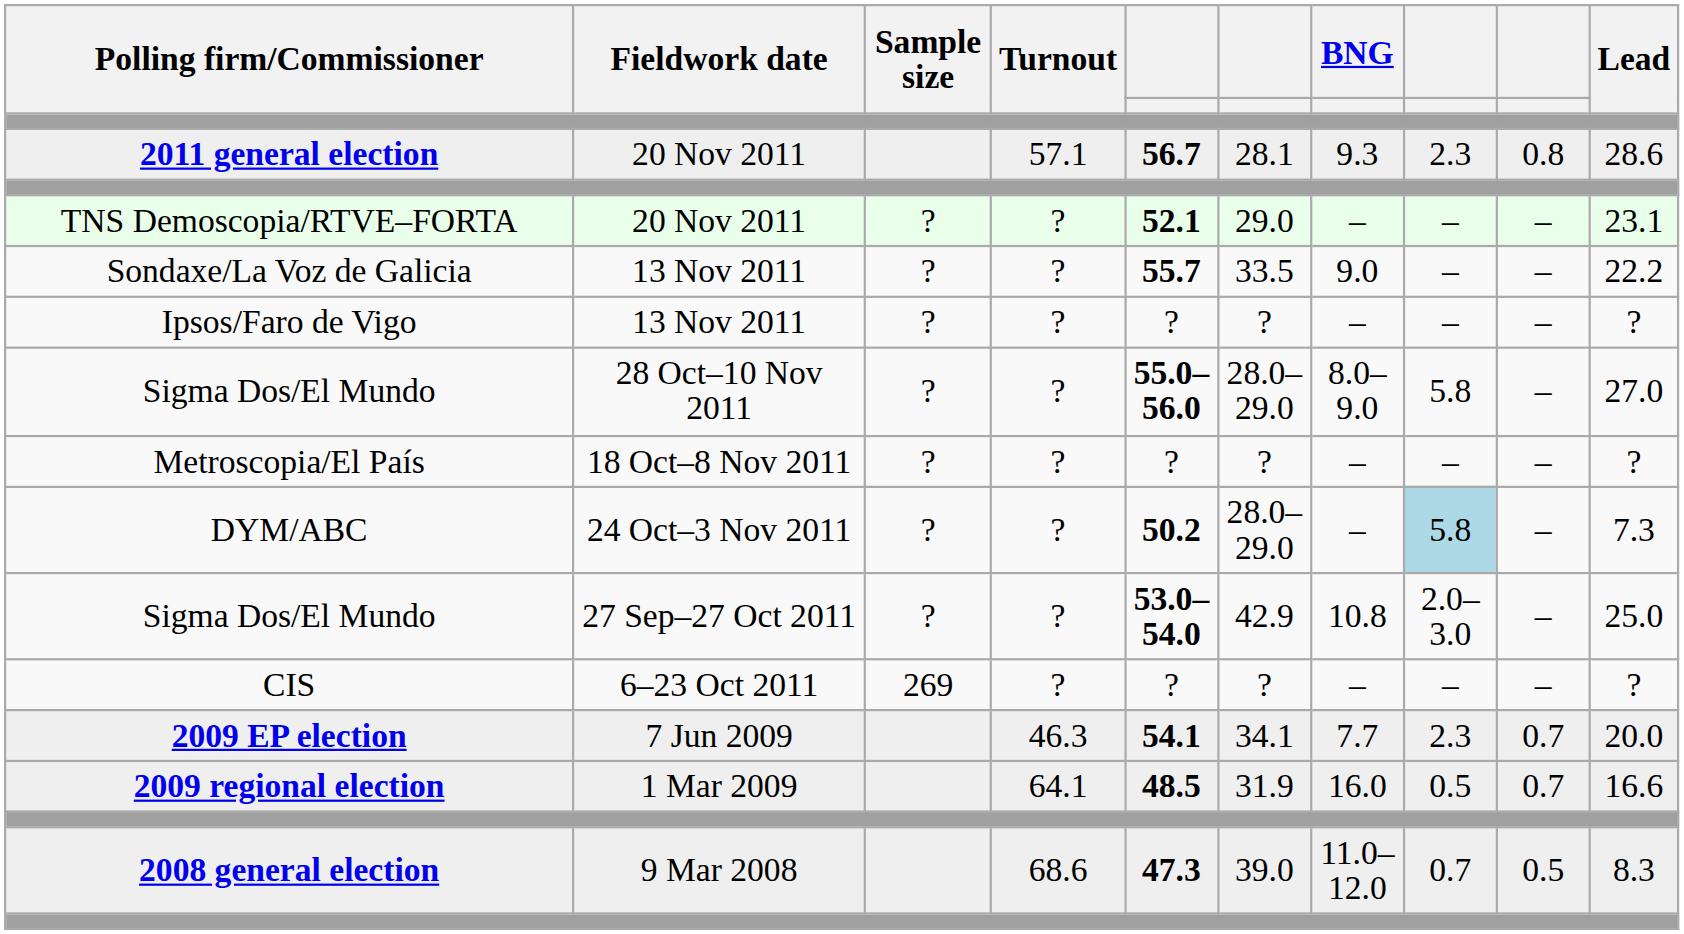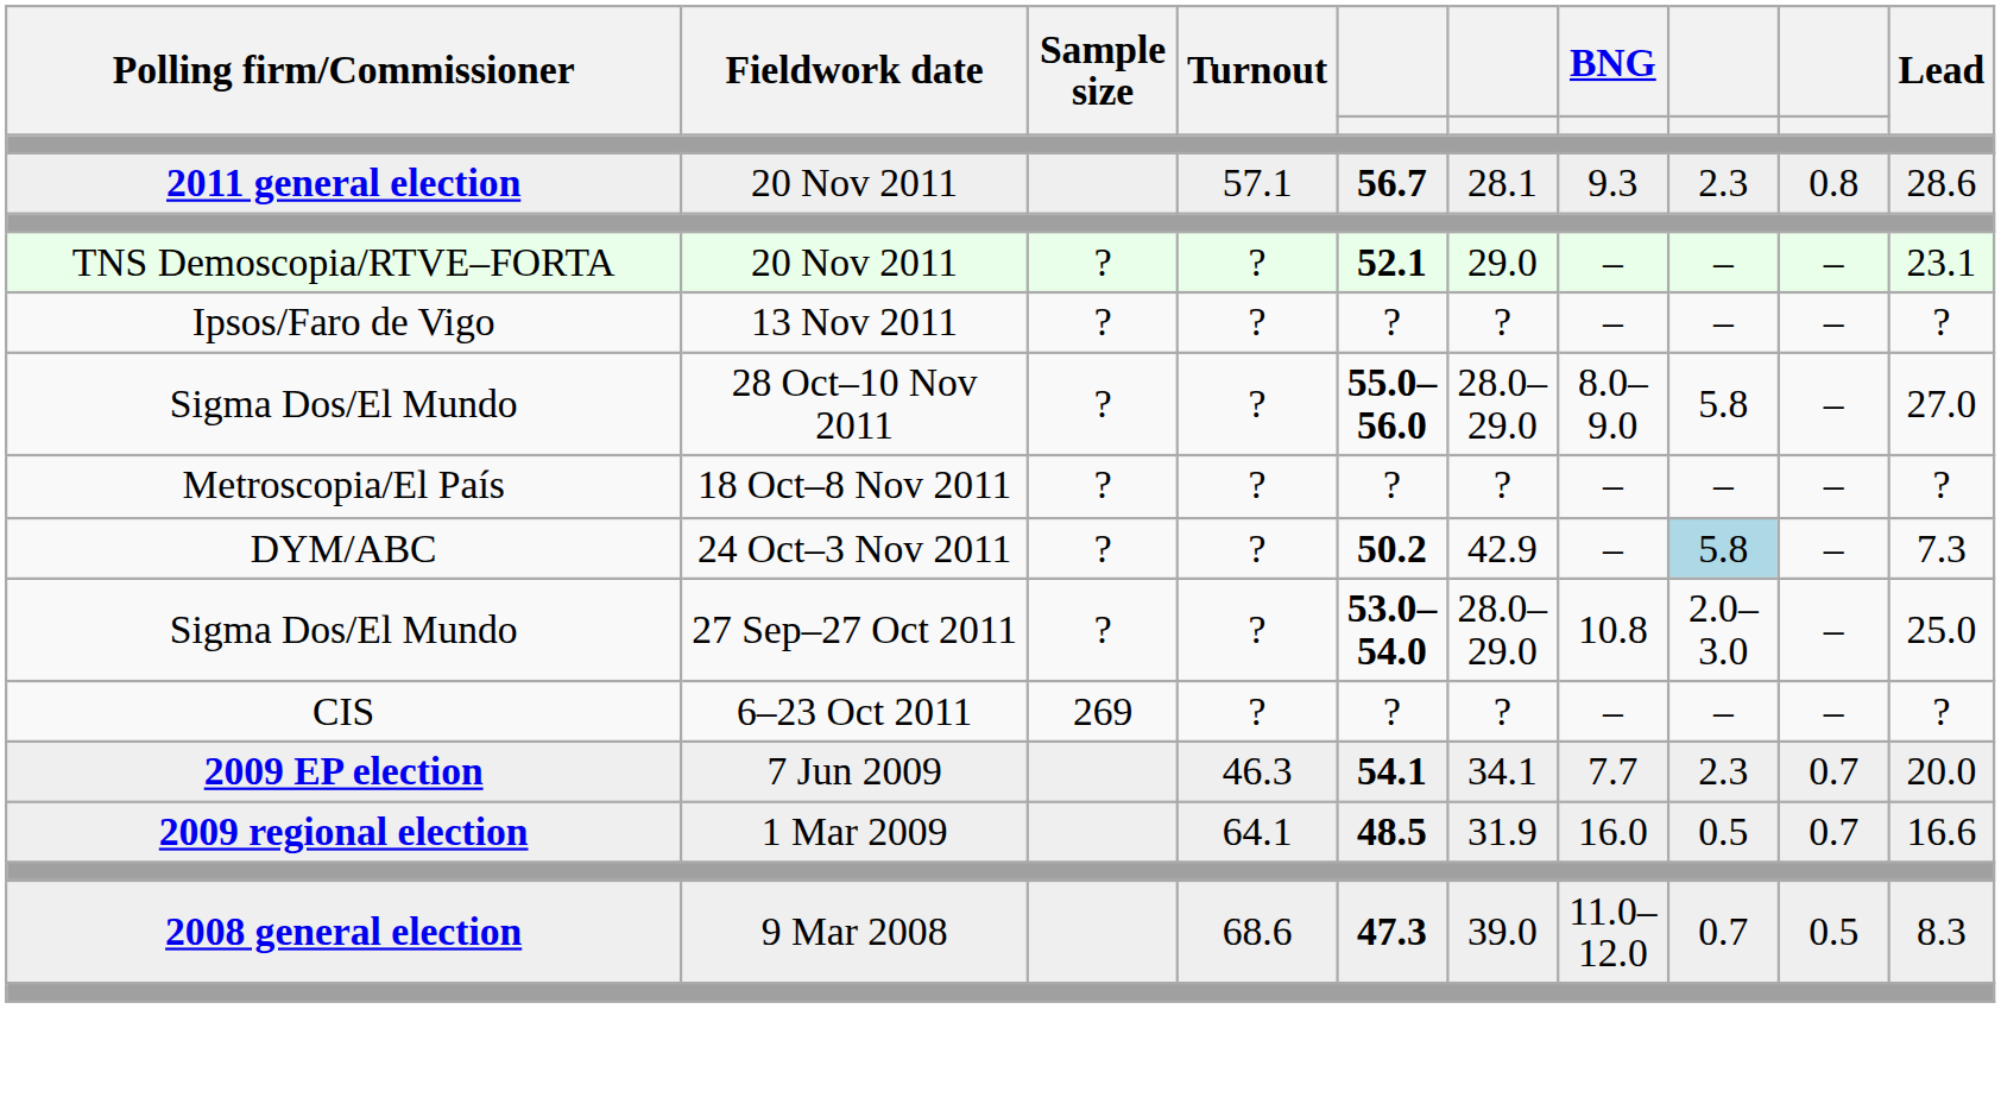 <table class="wikitable collapsible collapsed" style="text-align:center; font-size:95%; line-height:16px;">
 <tr style="height:42px;">
 <th style="width:250px;" rowspan="2">Polling firm/Commissioner</th>
 <th style="width:125px;" rowspan="2">Fieldwork date</th>
 <th style="width:50px;" rowspan="2">Sample size</th>
 <th style="width:45px;" rowspan="2">Turnout</th>
 <th style="width:35px;"></th>
 <th style="width:35px;"></th>
 <th style="width:35px;"><a href='#'>BNG</a></th>
 <th style="width:35px;"></th>
 <th style="width:35px;"></th>
 <th style="width:30px;" rowspan="2">Lead</th>
 </tr>
 <tr>
 <th style="color:inherit;background:"></th>
 <th style="color:inherit;background:"></th>
 <th style="color:inherit;background:"></th>
 <th style="color:inherit;background:"></th>
 <th style="color:inherit;background:"></th>
 </tr>
 <tr>
 <td colspan="10" style="background:#A0A0A0"></td>
 </tr>
 <tr style="background:#EFEFEF;">
 <td><strong><a href='#'>2011 general election</a></strong></td>
 <td>20 Nov 2011</td>
 <td></td>
 <td>57.1</td>
 <td><strong>56.7</strong><br></td>
 <td>28.1<br></td>
 <td>9.3<br></td>
 <td>2.3<br></td>
 <td>0.8<br></td>
 <td style="background:">28.6</td>
 </tr>
 <tr>
 <td colspan="10" style="background:#A0A0A0"></td>
 </tr>
 <tr style="background:#EAFFEA;">
 <td>TNS Demoscopia/RTVE–FORTA</td>
 <td>20 Nov 2011</td>
 <td>?</td>
 <td>?</td>
 <td><strong>52.1</strong><br></td>
 <td>29.0<br></td>
 <td>–</td>
 <td>–</td>
 <td>–</td>
 <td style="background:">23.1</td>
 </tr>
 <tr>
-<td>Sondaxe/La Voz de Galicia</td>
-<td>13 Nov 2011</td>
-<td>?</td>
-<td>?</td>
-<td><strong>55.7</strong><br></td>
-<td>33.5<br></td>
-<td>9.0<br></td>
-<td>–</td>
-<td>–</td>
-<td style="background:">22.2</td>
-</tr>
-<tr>
 <td>Ipsos/Faro de Vigo</td>
 <td>13 Nov 2011</td>
 <td>?</td>
 <td>?</td>
 <td>?<br></td>
 <td>?<br></td>
 <td>–</td>
 <td>–</td>
 <td>–</td>
 <td style="background:">?</td>
 </tr>
 <tr>
 <td>Sigma Dos/El Mundo</td>
 <td>28 Oct–10 Nov 2011</td>
 <td>?</td>
 <td>?</td>
 <td><strong>55.0–<br>56.0</strong><br></td>
 <td>28.0–<br>29.0<br></td>
 <td>8.0–<br>9.0<br></td>
 <td>5.8<br></td>
 <td>–</td>
 <td style="background:">27.0</td>
 </tr>
 <tr>
 <td>Metroscopia/El País</td>
 <td>18 Oct–8 Nov 2011</td>
 <td>?</td>
 <td>?</td>
 <td>?<br></td>
 <td>?<br></td>
 <td>–</td>
 <td>–</td>
 <td>–</td>
 <td style="background:">?</td>
 </tr>
 <tr>
 <td>DYM/ABC</td>
 <td>24 Oct–3 Nov 2011</td>
 <td>?</td>
 <td>?</td>
 <td><strong>50.2</strong><br></td>
-<td>28.0–<br>29.0<br></td>
+<td>42.9<br></td>
 <td>–</td>
 <td style="background: lightblue;">5.8<br></td>
 <td>–</td>
 <td style="background:">7.3</td>
 </tr>
 <tr>
 <td>Sigma Dos/El Mundo</td>
 <td>27 Sep–27 Oct 2011</td>
 <td>?</td>
 <td>?</td>
 <td><strong>53.0–<br>54.0</strong><br></td>
-<td>42.9<br></td>
+<td>28.0–<br>29.0<br></td>
 <td>10.8<br></td>
 <td>2.0–<br>3.0<br></td>
 <td>–</td>
 <td style="background:">25.0</td>
 </tr>
 <tr>
 <td>CIS</td>
 <td>6–23 Oct 2011</td>
 <td>269</td>
 <td>?</td>
 <td>?<br></td>
 <td>?<br></td>
 <td>–</td>
 <td>–</td>
 <td>–</td>
 <td style="background:">?</td>
 </tr>
 <tr style="background:#EFEFEF;">
 <td><strong><a href='#'>2009 EP election</a></strong></td>
 <td>7 Jun 2009</td>
 <td></td>
 <td>46.3</td>
 <td><strong>54.1</strong><br></td>
 <td>34.1<br></td>
 <td>7.7<br></td>
 <td>2.3<br></td>
 <td>0.7<br></td>
 <td style="background:">20.0</td>
 </tr>
 <tr style="background:#EFEFEF;">
 <td><strong><a href='#'>2009 regional election</a></strong></td>
 <td>1 Mar 2009</td>
 <td></td>
 <td>64.1</td>
 <td><strong>48.5</strong><br></td>
 <td>31.9<br></td>
 <td>16.0<br></td>
 <td>0.5<br></td>
 <td>0.7<br></td>
 <td style="background:">16.6</td>
 </tr>
 <tr>
 <td colspan="10" style="background:#A0A0A0"></td>
 </tr>
 <tr style="background:#EFEFEF;">
 <td><strong><a href='#'>2008 general election</a></strong></td>
 <td>9 Mar 2008</td>
 <td></td>
 <td>68.6</td>
 <td><strong>47.3</strong><br></td>
 <td>39.0<br></td>
 <td>11.0–<br>12.0<br></td>
 <td>0.7<br></td>
 <td>0.5<br></td>
 <td style="background:">8.3</td>
 </tr>
 <tr>
 <td colspan="10" style="background:#A0A0A0"></td>
 </tr>
 </table>
